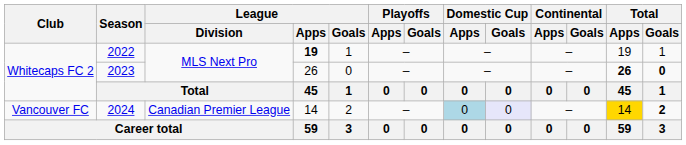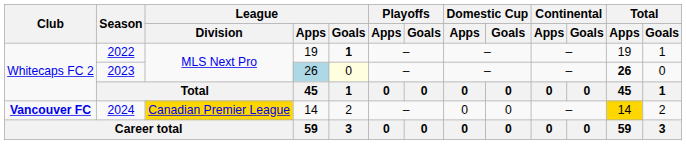 <table class="wikitable" style="text-align: center">
 <tr>
 <th rowspan="2">Club</th>
 <th rowspan="2">Season</th>
 <th colspan="3">League</th>
 <th colspan="2">Playoffs</th>
 <th colspan="2">Domestic Cup</th>
 <th colspan="2">Continental</th>
 <th colspan="2">Total</th>
 </tr>
 <tr>
 <th>Division</th>
 <th>Apps</th>
 <th>Goals</th>
 <th>Apps</th>
 <th>Goals</th>
 <th>Apps</th>
 <th>Goals</th>
 <th>Apps</th>
 <th>Goals</th>
 <th>Apps</th>
 <th>Goals</th>
 </tr>
 <tr>
 <td rowspan=3><a href='#'>Whitecaps FC 2</a></td>
 <td><a href='#'>2022</a></td>
 <td rowspan=2><a href='#'>MLS Next Pro</a></td>
-<td><strong>19</strong></td>
-<td>1</td>
+<td>19</td>
+<td><strong>1</strong></td>
 <td colspan="2">–</td>
 <td colspan="2">–</td>
 <td colspan="2">–</td>
 <td>19</td>
 <td>1</td>
 </tr>
 <tr>
 <td><a href='#'>2023</a></td>
-<td>26</td>
-<td>0</td>
+<td style="background: lightblue;">26</td>
+<td style="background: lightyellow;">0</td>
 <td colspan="2">–</td>
 <td colspan="2">–</td>
 <td colspan="2">–</td>
 <td><strong>26</strong></td>
-<td><strong>0</strong></td>
+<td>0</td>
 </tr>
 <tr>
 <th colspan="2">Total</th>
 <th>45</th>
 <th>1</th>
 <th>0</th>
 <th>0</th>
 <th>0</th>
 <th>0</th>
 <th>0</th>
 <th>0</th>
 <th>45</th>
 <th>1</th>
 </tr>
 <tr>
-<td><a href='#'>Vancouver FC</a></td>
+<td><strong><a href='#'>Vancouver FC</a></strong></td>
 <td><a href='#'>2024</a></td>
-<td><a href='#'>Canadian Premier League</a></td>
+<td style="background: gold;"><a href='#'>Canadian Premier League</a></td>
 <td>14</td>
 <td>2</td>
 <td colspan="2">–</td>
-<td style="background: lightblue;">0</td>
-<td style="background: lavender;">0</td>
+<td>0</td>
+<td>0</td>
 <td colspan="2">–</td>
 <td style="background: gold;">14</td>
-<td><strong>2</strong></td>
+<td>2</td>
 </tr>
 <tr>
 <th colspan="3"><strong>Career total</strong></th>
 <th>59</th>
 <th>3</th>
 <th>0</th>
 <th>0</th>
 <th>0</th>
 <th>0</th>
 <th>0</th>
 <th>0</th>
 <th>59</th>
 <th>3</th>
 </tr>
 </table>
